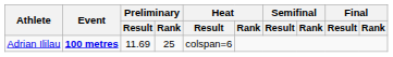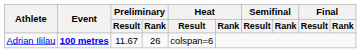 <table class="wikitable" style="font-size:90%">
 <tr>
 <th rowspan="2">Athlete</th>
 <th rowspan="2">Event</th>
 <th colspan="2">Preliminary</th>
 <th colspan="2">Heat</th>
 <th colspan="2">Semifinal</th>
 <th colspan="2">Final</th>
 </tr>
 <tr style="font-size:95%">
 <th>Result</th>
 <th>Rank</th>
 <th>Result</th>
 <th>Rank</th>
 <th>Result</th>
 <th>Rank</th>
 <th>Result</th>
 <th>Rank</th>
 </tr>
 <tr style=text-align:center>
 <td style=text-align:left><a href='#'>Adrian Ililau</a></td>
 <td style=text-align:left><strong><a href='#'>100 metres</a></strong></td>
-<td>11.69</td>
-<td>25</td>
+<td>11.67</td>
+<td>26</td>
 <td>colspan=6 </td>
 </tr>
 </table>
